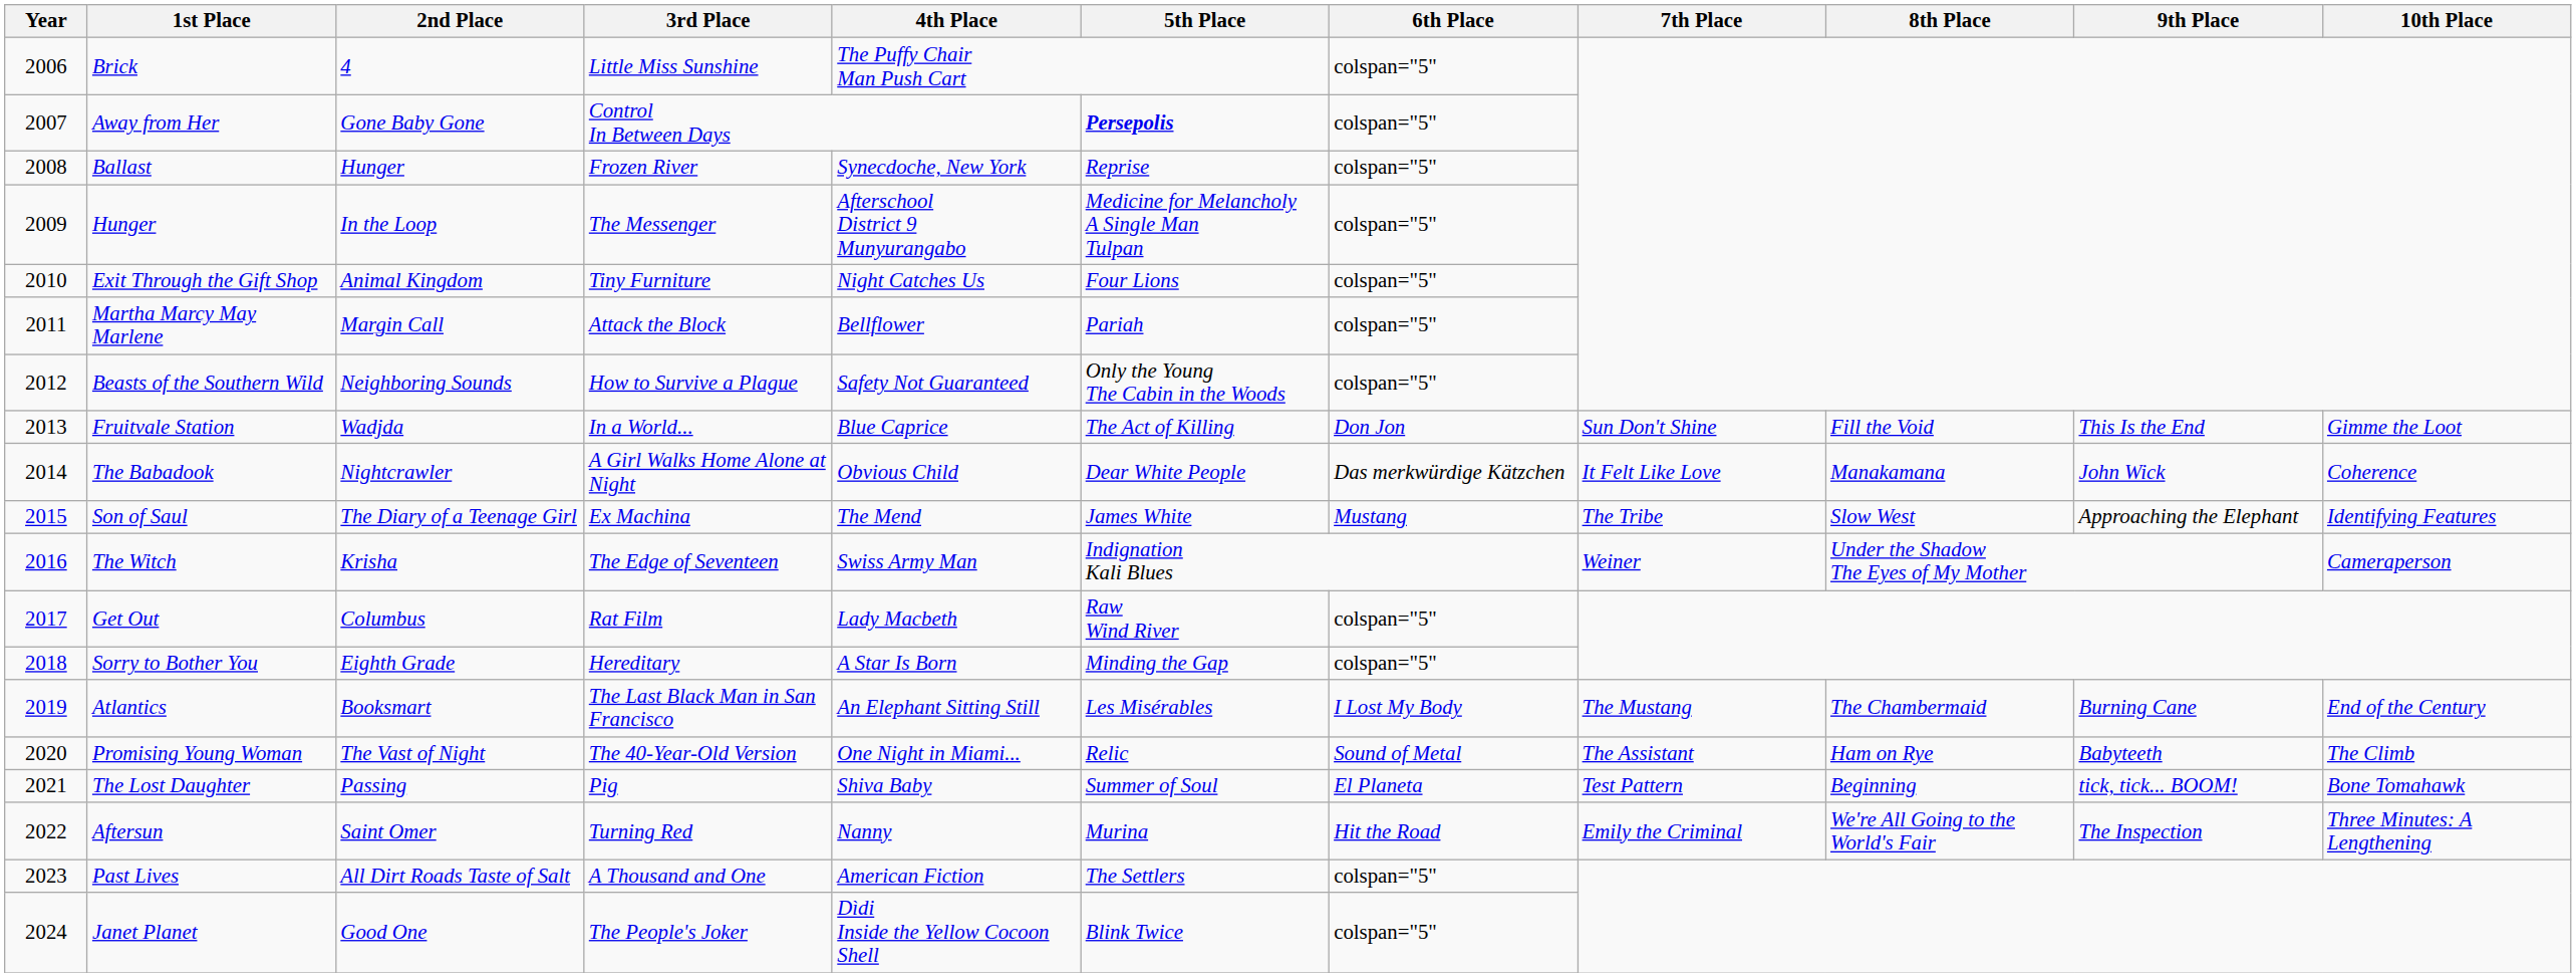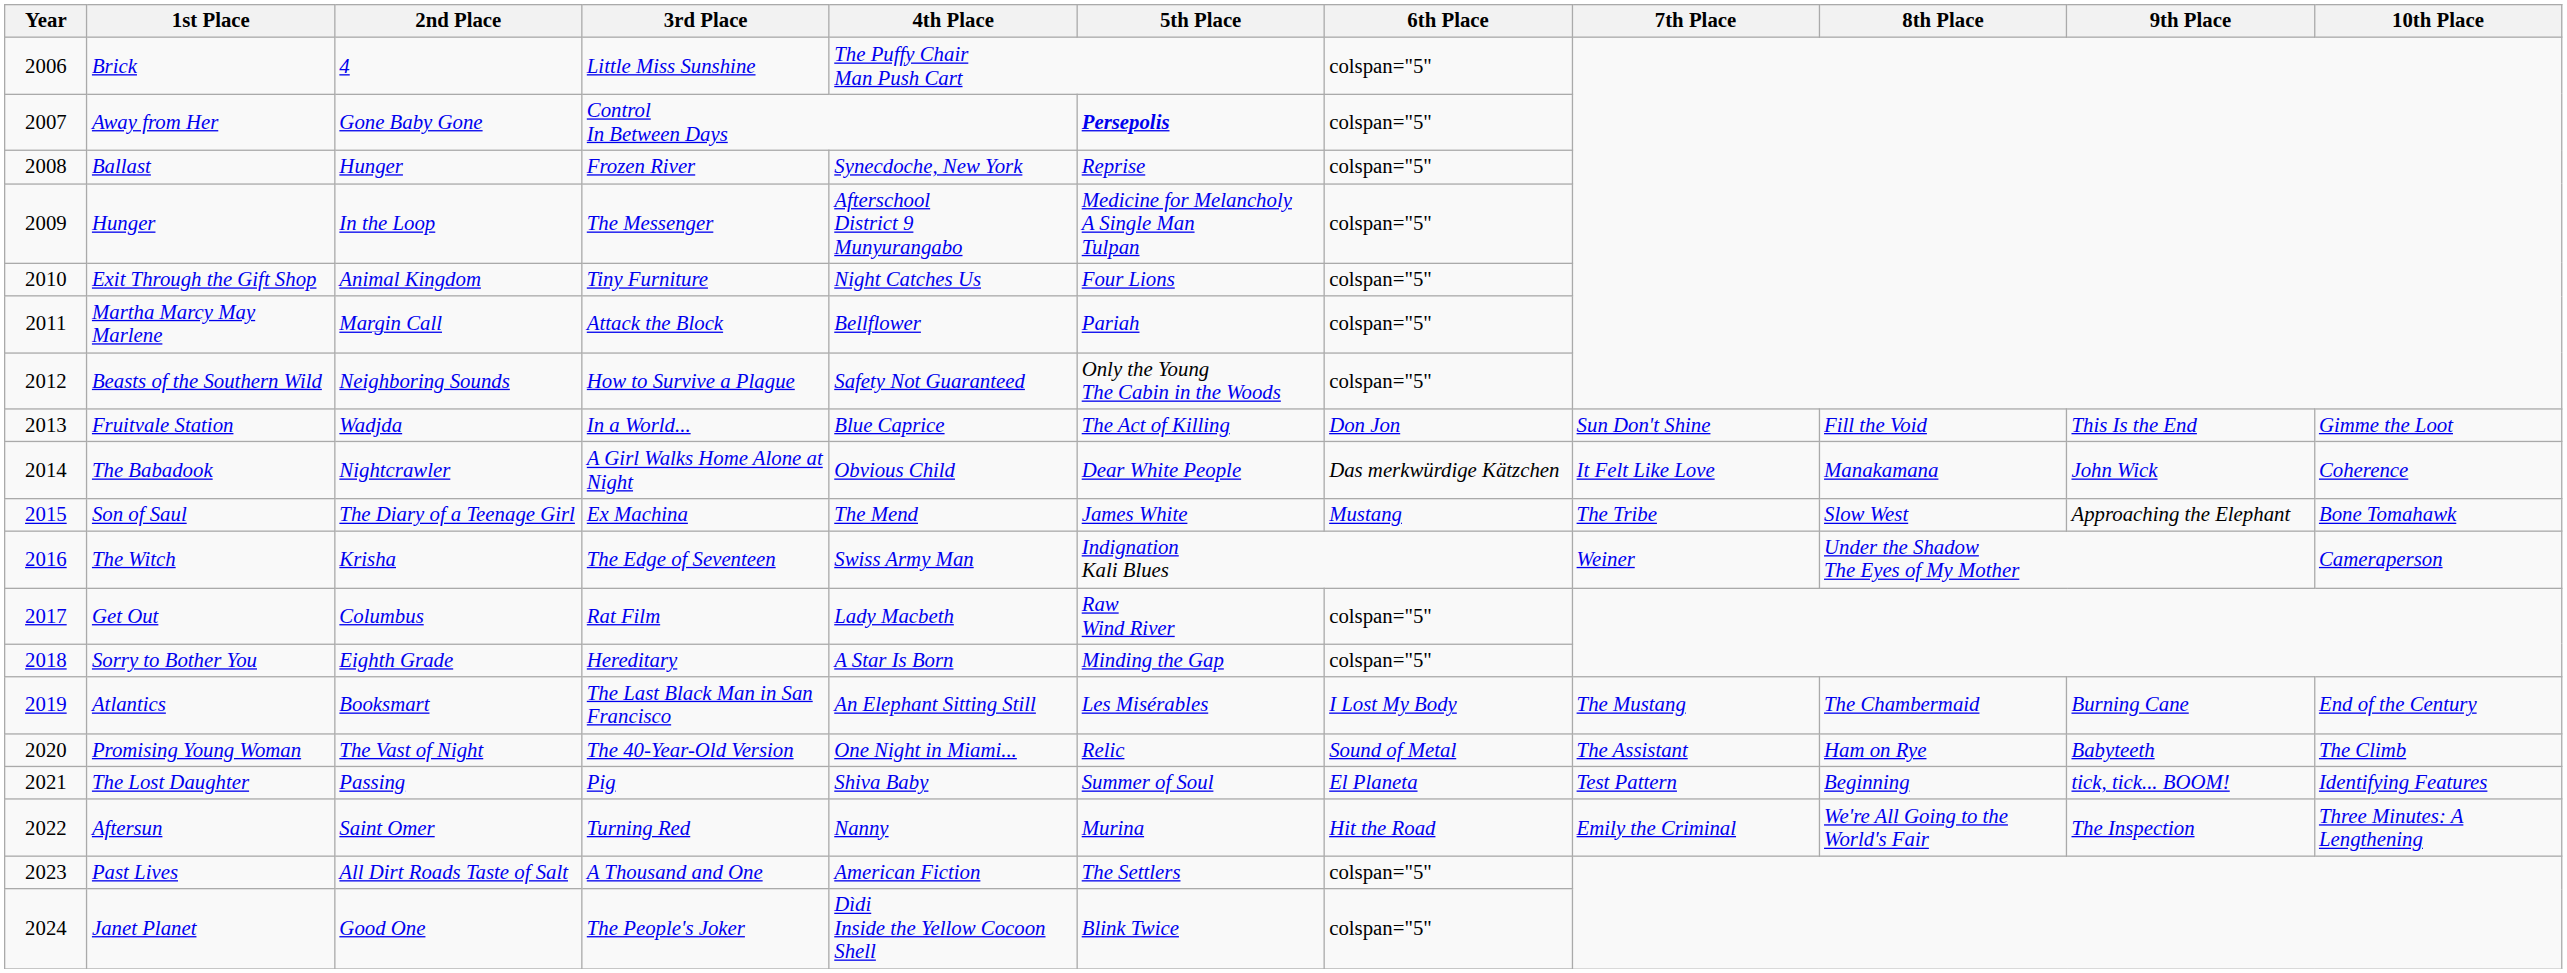 <table class="wikitable">
 <tr>
 <th scope="col" width="3%">Year</th>
 <th scope="col" width="9%">1st Place</th>
 <th scope="col" width="9%">2nd Place</th>
 <th scope="col" width="9%">3rd Place</th>
 <th scope="col" width="9%">4th Place</th>
 <th scope="col" width="9%">5th Place</th>
 <th scope="col" width="9%">6th Place</th>
 <th scope="col" width="9%">7th Place</th>
 <th scope="col" width="9%">8th Place</th>
 <th scope="col" width="9%">9th Place</th>
 <th scope="col" width="9%">10th Place</th>
 </tr>
 <tr>
 <td align="center">2006</td>
 <td><em><a href='#'>Brick</a></em></td>
 <td><em><a href='#'>4</a></em></td>
 <td><em><a href='#'>Little Miss Sunshine</a></em></td>
 <td colspan="2"><em><a href='#'>The Puffy Chair</a></em><br><em><a href='#'>Man Push Cart</a></em></td>
 <td>colspan="5" </td>
 </tr>
 <tr>
 <td align="center">2007</td>
 <td><em><a href='#'>Away from Her</a></em></td>
 <td><em><a href='#'>Gone Baby Gone</a></em></td>
 <td colspan="2"><em><a href='#'>Control</a></em><br><em><a href='#'>In Between Days</a></em></td>
 <td><strong><em><a href='#'>Persepolis</a></em></strong></td>
 <td>colspan="5" </td>
 </tr>
 <tr>
 <td align="center">2008</td>
 <td><em><a href='#'>Ballast</a></em></td>
 <td><em><a href='#'>Hunger</a></em></td>
 <td><em><a href='#'>Frozen River</a></em></td>
 <td><em><a href='#'>Synecdoche, New York</a></em></td>
 <td><em><a href='#'>Reprise</a></em></td>
 <td>colspan="5" </td>
 </tr>
 <tr>
 <td align="center">2009</td>
 <td><em><a href='#'>Hunger</a></em></td>
 <td><em><a href='#'>In the Loop</a></em></td>
 <td><em><a href='#'>The Messenger</a></em></td>
 <td><em><a href='#'>Afterschool</a></em><br><em><a href='#'>District 9</a></em><br><em><a href='#'>Munyurangabo</a></em></td>
 <td><em><a href='#'>Medicine for Melancholy</a></em><br><em><a href='#'>A Single Man</a></em><br><em><a href='#'>Tulpan</a></em></td>
 <td>colspan="5" </td>
 </tr>
 <tr>
 <td align="center">2010</td>
 <td><em><a href='#'>Exit Through the Gift Shop</a></em></td>
 <td><em><a href='#'>Animal Kingdom</a></em></td>
 <td><em><a href='#'>Tiny Furniture</a></em></td>
 <td><em><a href='#'>Night Catches Us</a></em></td>
 <td><em><a href='#'>Four Lions</a></em></td>
 <td>colspan="5" </td>
 </tr>
 <tr>
 <td align="center">2011</td>
 <td><em><a href='#'>Martha Marcy May Marlene</a></em></td>
 <td><em><a href='#'>Margin Call</a></em></td>
 <td><em><a href='#'>Attack the Block</a></em></td>
 <td><em><a href='#'>Bellflower</a></em></td>
 <td><em><a href='#'>Pariah</a></em></td>
 <td>colspan="5" </td>
 </tr>
 <tr>
 <td align="center">2012</td>
 <td><em><a href='#'>Beasts of the Southern Wild</a></em></td>
 <td><em><a href='#'>Neighboring Sounds</a></em></td>
 <td><em><a href='#'>How to Survive a Plague</a></em></td>
 <td><em><a href='#'>Safety Not Guaranteed</a></em></td>
 <td><em>Only the Young</em><br><em><a href='#'>The Cabin in the Woods</a></em></td>
 <td>colspan="5" </td>
 </tr>
 <tr>
 <td align="center">2013</td>
 <td><em><a href='#'>Fruitvale Station</a></em></td>
 <td><em><a href='#'>Wadjda</a></em></td>
 <td><em><a href='#'>In a World...</a></em></td>
 <td><em><a href='#'>Blue Caprice</a></em></td>
 <td><em><a href='#'>The Act of Killing</a></em></td>
 <td><em><a href='#'>Don Jon</a></em></td>
 <td><em><a href='#'>Sun Don't Shine</a></em></td>
 <td><em><a href='#'>Fill the Void</a></em></td>
 <td><em><a href='#'>This Is the End</a></em></td>
 <td><em><a href='#'>Gimme the Loot</a></em></td>
 </tr>
 <tr>
 <td align="center">2014</td>
 <td><em><a href='#'>The Babadook</a></em></td>
 <td><em><a href='#'>Nightcrawler</a></em></td>
 <td><em><a href='#'>A Girl Walks Home Alone at Night</a></em></td>
 <td><em><a href='#'>Obvious Child</a></em></td>
 <td><em><a href='#'>Dear White People</a></em></td>
 <td><em>Das merkwürdige Kätzchen</em></td>
 <td><em><a href='#'>It Felt Like Love</a></em></td>
 <td><em><a href='#'>Manakamana</a></em></td>
 <td><em><a href='#'>John Wick</a></em></td>
 <td><em><a href='#'>Coherence</a></em></td>
 </tr>
 <tr>
 <td align="center"><a href='#'>2015</a></td>
 <td><em><a href='#'>Son of Saul</a></em></td>
 <td><em><a href='#'>The Diary of a Teenage Girl</a></em></td>
 <td><em><a href='#'>Ex Machina</a></em></td>
 <td><em><a href='#'>The Mend</a></em></td>
 <td><em><a href='#'>James White</a></em><br></td>
 <td><em><a href='#'>Mustang</a></em></td>
 <td><em><a href='#'>The Tribe</a></em></td>
 <td><em><a href='#'>Slow West</a></em></td>
 <td><em>Approaching the Elephant</em></td>
-<td><em><a href='#'>Identifying Features</a></em></td>
+<td><em><a href='#'>Bone Tomahawk</a></em></td>
 </tr>
 <tr>
 <td align="center"><a href='#'>2016</a></td>
 <td><em><a href='#'>The Witch</a></em></td>
 <td><em><a href='#'>Krisha</a></em></td>
 <td><em><a href='#'>The Edge of Seventeen</a></em></td>
 <td><em><a href='#'>Swiss Army Man</a></em></td>
 <td colspan="2"><em><a href='#'>Indignation</a></em><br><em>Kali Blues</em></td>
 <td><em><a href='#'>Weiner</a></em></td>
 <td colspan="2"><em><a href='#'>Under the Shadow</a></em><br><em><a href='#'>The Eyes of My Mother</a></em></td>
 <td><em><a href='#'>Cameraperson</a></em></td>
 </tr>
 <tr>
 <td align="center"><a href='#'>2017</a></td>
 <td><em><a href='#'>Get Out</a></em></td>
 <td><em><a href='#'>Columbus</a></em></td>
 <td><em><a href='#'>Rat Film</a></em></td>
 <td><em><a href='#'>Lady Macbeth</a></em></td>
 <td><em><a href='#'>Raw</a></em><br><em><a href='#'>Wind River</a></em></td>
 <td>colspan="5" </td>
 </tr>
 <tr>
 <td align="center"><a href='#'>2018</a></td>
 <td><em><a href='#'>Sorry to Bother You</a></em></td>
 <td><em><a href='#'>Eighth Grade</a></em></td>
 <td><em><a href='#'>Hereditary</a></em></td>
 <td><em><a href='#'>A Star Is Born</a></em></td>
 <td><em><a href='#'>Minding the Gap</a></em></td>
 <td>colspan="5" </td>
 </tr>
 <tr>
 <td align="center"><a href='#'>2019</a></td>
 <td><em><a href='#'>Atlantics</a></em></td>
 <td><em><a href='#'>Booksmart</a></em></td>
 <td><em><a href='#'>The Last Black Man in San Francisco</a></em></td>
 <td><em><a href='#'>An Elephant Sitting Still</a></em></td>
 <td><em><a href='#'>Les Misérables</a></em></td>
 <td><em><a href='#'>I Lost My Body</a></em></td>
 <td><em><a href='#'>The Mustang</a></em></td>
 <td><em><a href='#'>The Chambermaid</a></em></td>
 <td><em><a href='#'>Burning Cane</a></em></td>
 <td><em><a href='#'>End of the Century</a></em></td>
 </tr>
 <tr>
 <td align="center">2020</td>
 <td><em><a href='#'>Promising Young Woman</a></em></td>
 <td><em><a href='#'>The Vast of Night</a></em></td>
 <td><em><a href='#'>The 40-Year-Old Version</a></em></td>
 <td><em><a href='#'>One Night in Miami...</a></em></td>
 <td><em><a href='#'>Relic</a></em></td>
 <td><em><a href='#'>Sound of Metal</a></em></td>
 <td><em><a href='#'>The Assistant</a></em></td>
 <td><em><a href='#'>Ham on Rye</a></em></td>
 <td><em><a href='#'>Babyteeth</a></em></td>
 <td><em><a href='#'>The Climb</a></em></td>
 </tr>
 <tr>
 <td align="center">2021</td>
 <td><em><a href='#'>The Lost Daughter</a></em></td>
 <td><em><a href='#'>Passing</a></em></td>
 <td><em><a href='#'>Pig</a></em></td>
 <td><em><a href='#'>Shiva Baby</a></em></td>
 <td><em><a href='#'>Summer of Soul</a></em></td>
 <td><em><a href='#'>El Planeta</a></em></td>
 <td><em><a href='#'>Test Pattern</a></em></td>
 <td><em><a href='#'>Beginning</a></em></td>
 <td><em><a href='#'>tick, tick... BOOM!</a></em></td>
-<td><em><a href='#'>Bone Tomahawk</a></em></td>
+<td><em><a href='#'>Identifying Features</a></em></td>
 </tr>
 <tr>
 <td align="center">2022</td>
 <td><em><a href='#'>Aftersun</a></em></td>
 <td><em><a href='#'>Saint Omer</a></em></td>
 <td><em><a href='#'>Turning Red</a></em></td>
 <td><em><a href='#'>Nanny</a></em></td>
 <td><em><a href='#'>Murina</a></em></td>
 <td><em><a href='#'>Hit the Road</a></em></td>
 <td><em><a href='#'>Emily the Criminal</a></em></td>
 <td><em><a href='#'>We're All Going to the World's Fair</a></em></td>
 <td><em><a href='#'>The Inspection</a></em></td>
 <td><em><a href='#'>Three Minutes: A Lengthening</a></em></td>
 </tr>
 <tr>
 <td align="center">2023</td>
 <td><em><a href='#'>Past Lives</a></em></td>
 <td><em><a href='#'>All Dirt Roads Taste of Salt</a></em></td>
 <td><em><a href='#'>A Thousand and One</a></em></td>
 <td><em><a href='#'>American Fiction</a></em></td>
 <td><em><a href='#'>The Settlers</a></em></td>
 <td>colspan="5" </td>
 </tr>
 <tr>
 <td align="center">2024</td>
 <td><em><a href='#'>Janet Planet</a></em></td>
 <td><em><a href='#'>Good One</a></em></td>
 <td><em><a href='#'>The People's Joker</a></em></td>
 <td><em><a href='#'>Dìdi</a></em><br><em><a href='#'>Inside the Yellow Cocoon Shell</a></em></td>
 <td><em><a href='#'>Blink Twice</a></em></td>
 <td>colspan="5" </td>
 </tr>
 <tr>
 </tr>
 </table>
